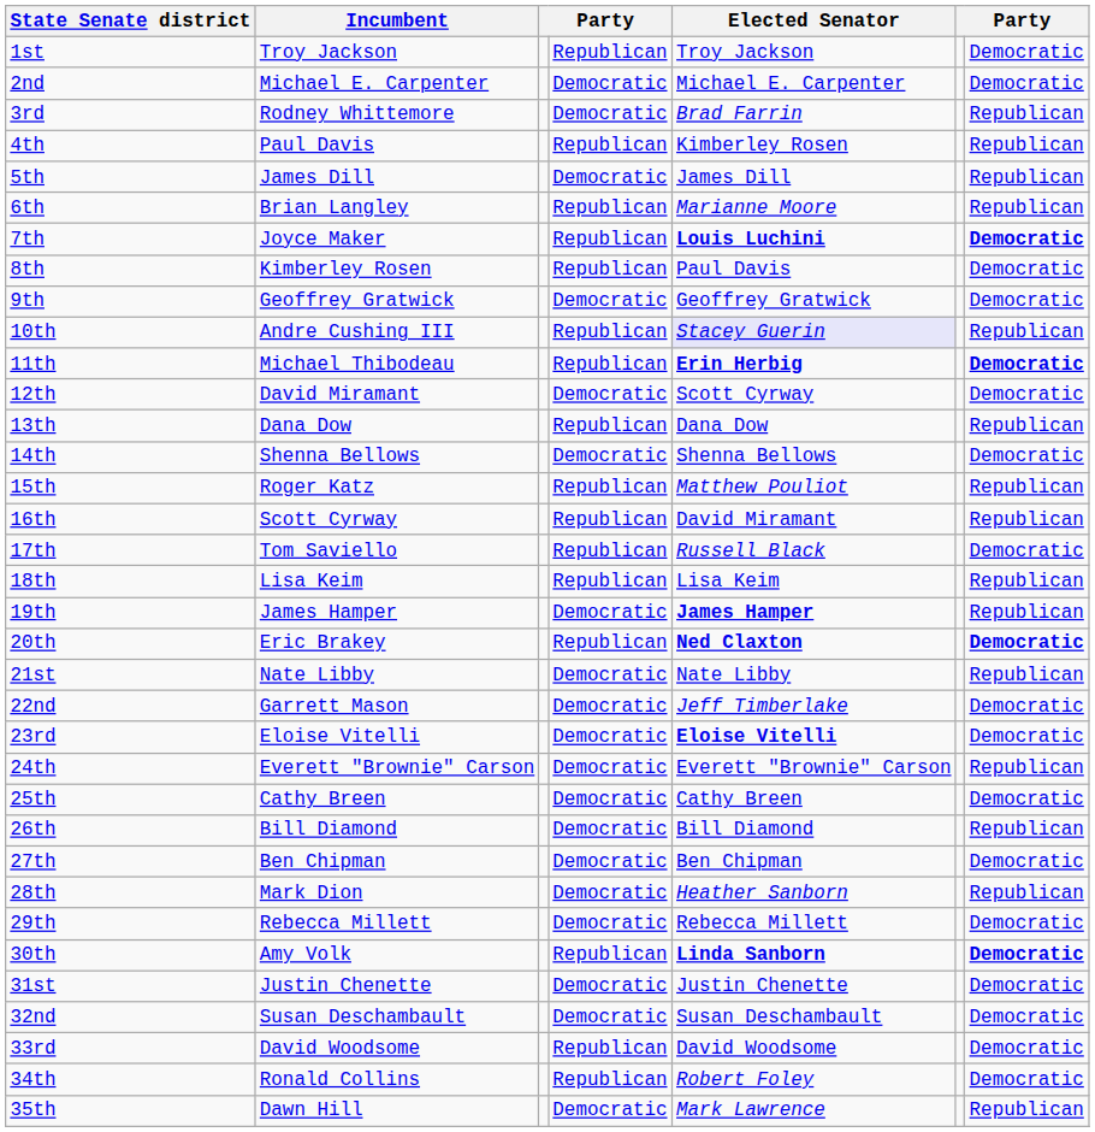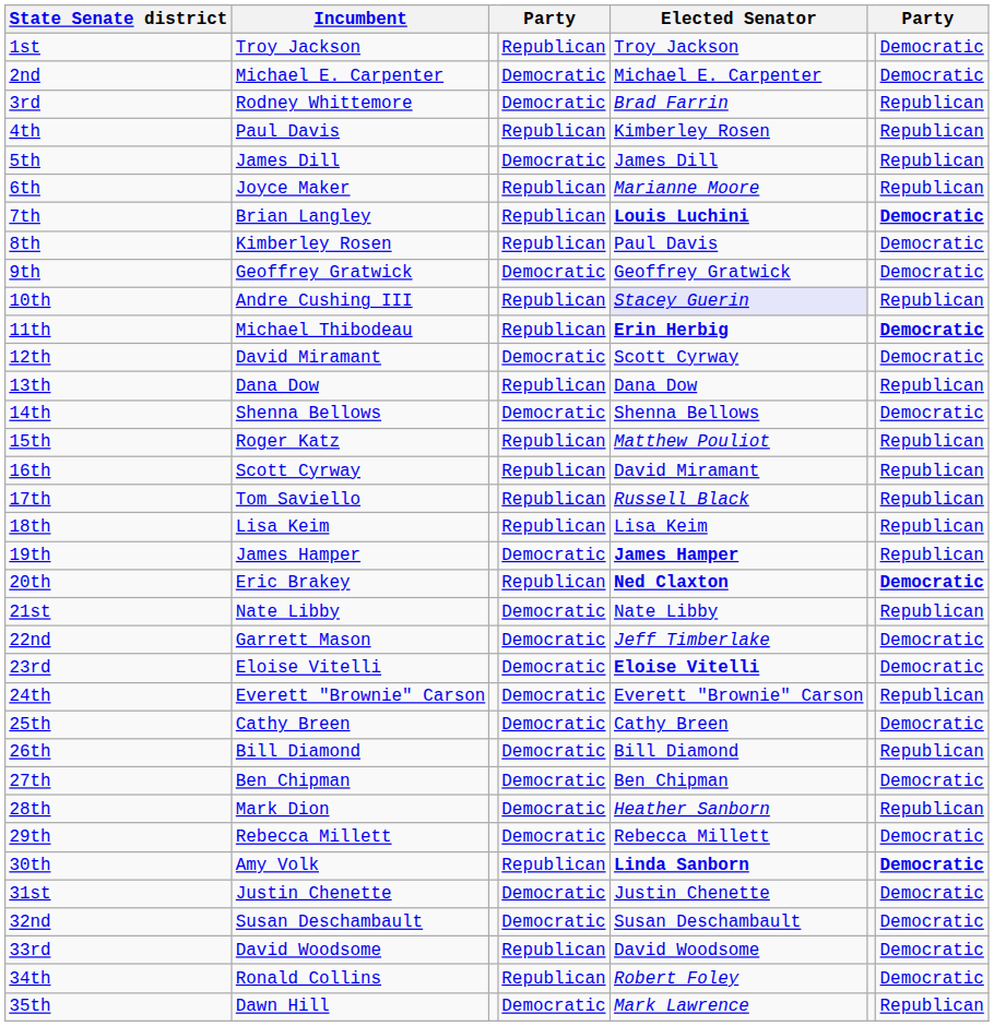 <table class="sortable wikitable">
 <tr>
 <th colspan="1" class="unsortable"><a href='#'>State Senate</a> district</th>
 <th class="unsortable"><a href='#'>Incumbent</a></th>
 <th colspan="2">Party</th>
 <th class="unsortable">Elected Senator</th>
 <th colspan="2">Party</th>
 </tr>
 <tr>
 <td><a href='#'>1st</a></td>
 <td><a href='#'>Troy Jackson</a></td>
 <td style="background:"></td>
 <td><a href='#'>Republican</a></td>
 <td><a href='#'>Troy Jackson</a></td>
 <td style="background:"></td>
 <td><a href='#'>Democratic</a></td>
 </tr>
 <tr>
 <td><a href='#'>2nd</a></td>
 <td><a href='#'>Michael E. Carpenter</a></td>
 <td style="background:"></td>
 <td><a href='#'>Democratic</a></td>
 <td><a href='#'>Michael E. Carpenter</a></td>
 <td style="background:"></td>
 <td><a href='#'>Democratic</a></td>
 </tr>
 <tr>
 <td><a href='#'>3rd</a></td>
 <td><a href='#'>Rodney Whittemore</a></td>
 <td style="background:"></td>
 <td><a href='#'>Democratic</a></td>
 <td><em><a href='#'>Brad Farrin</a></em></td>
 <td style="background:"></td>
 <td><a href='#'>Republican</a></td>
 </tr>
 <tr>
 <td><a href='#'>4th</a></td>
 <td><a href='#'>Paul Davis</a></td>
 <td style="background:"></td>
 <td><a href='#'>Republican</a></td>
 <td><a href='#'>Kimberley Rosen</a></td>
 <td style="background:"></td>
 <td><a href='#'>Republican</a></td>
 </tr>
 <tr>
 <td><a href='#'>5th</a></td>
 <td><a href='#'>James Dill</a></td>
 <td style="background:"></td>
 <td><a href='#'>Democratic</a></td>
 <td><a href='#'>James Dill</a></td>
 <td style="background:"></td>
 <td><a href='#'>Republican</a></td>
 </tr>
 <tr>
 <td><a href='#'>6th</a></td>
-<td><a href='#'>Brian Langley</a></td>
+<td><a href='#'>Joyce Maker</a></td>
 <td style="background:"></td>
 <td><a href='#'>Republican</a></td>
 <td><em><a href='#'>Marianne Moore</a></em></td>
 <td style="background:"></td>
 <td><a href='#'>Republican</a></td>
 </tr>
 <tr>
 <td><a href='#'>7th</a></td>
-<td><a href='#'>Joyce Maker</a></td>
+<td><a href='#'>Brian Langley</a></td>
 <td style="background:"></td>
 <td><a href='#'>Republican</a></td>
 <td><strong><a href='#'>Louis Luchini</a></strong></td>
 <td style="background:"></td>
 <td><strong><a href='#'>Democratic</a></strong></td>
 </tr>
 <tr>
 <td><a href='#'>8th</a></td>
 <td><a href='#'>Kimberley Rosen</a></td>
 <td style="background:"></td>
 <td><a href='#'>Republican</a></td>
 <td><a href='#'>Paul Davis</a></td>
 <td style="background:"></td>
 <td><a href='#'>Democratic</a></td>
 </tr>
 <tr>
 <td><a href='#'>9th</a></td>
 <td><a href='#'>Geoffrey Gratwick</a></td>
 <td style="background:"></td>
 <td><a href='#'>Democratic</a></td>
 <td><a href='#'>Geoffrey Gratwick</a></td>
 <td style="background:"></td>
 <td><a href='#'>Democratic</a></td>
 </tr>
 <tr>
 <td><a href='#'>10th</a></td>
 <td><a href='#'>Andre Cushing III</a></td>
 <td style="background:"></td>
 <td><a href='#'>Republican</a></td>
 <td style="background: lavender;"><em><a href='#'>Stacey Guerin</a></em></td>
 <td style="background:"></td>
 <td><a href='#'>Republican</a></td>
 </tr>
 <tr>
 <td><a href='#'>11th</a></td>
 <td><a href='#'>Michael Thibodeau</a></td>
 <td style="background:"></td>
 <td><a href='#'>Republican</a></td>
 <td><strong><a href='#'>Erin Herbig</a></strong></td>
 <td style="background:"></td>
 <td><strong><a href='#'>Democratic</a></strong></td>
 </tr>
 <tr>
 <td><a href='#'>12th</a></td>
 <td><a href='#'>David Miramant</a></td>
 <td style="background:"></td>
 <td><a href='#'>Democratic</a></td>
 <td><a href='#'>Scott Cyrway</a></td>
 <td style="background:"></td>
 <td><a href='#'>Democratic</a></td>
 </tr>
 <tr>
 <td><a href='#'>13th</a></td>
 <td><a href='#'>Dana Dow</a></td>
 <td style="background:"></td>
 <td><a href='#'>Republican</a></td>
 <td><a href='#'>Dana Dow</a></td>
 <td style="background:"></td>
 <td><a href='#'>Republican</a></td>
 </tr>
 <tr>
 <td><a href='#'>14th</a></td>
 <td><a href='#'>Shenna Bellows</a></td>
 <td style="background:"></td>
 <td><a href='#'>Democratic</a></td>
 <td><a href='#'>Shenna Bellows</a></td>
 <td style="background:"></td>
 <td><a href='#'>Democratic</a></td>
 </tr>
 <tr>
 <td><a href='#'>15th</a></td>
 <td><a href='#'>Roger Katz</a></td>
 <td style="background:"></td>
 <td><a href='#'>Republican</a></td>
 <td><em><a href='#'>Matthew Pouliot</a></em></td>
 <td style="background:"></td>
 <td><a href='#'>Republican</a></td>
 </tr>
 <tr>
 <td><a href='#'>16th</a></td>
 <td><a href='#'>Scott Cyrway</a></td>
 <td style="background:"></td>
 <td><a href='#'>Republican</a></td>
 <td><a href='#'>David Miramant</a></td>
 <td style="background:"></td>
 <td><a href='#'>Republican</a></td>
 </tr>
 <tr>
 <td><a href='#'>17th</a></td>
 <td><a href='#'>Tom Saviello</a></td>
 <td style="background:"></td>
 <td><a href='#'>Republican</a></td>
 <td><em><a href='#'>Russell Black</a></em></td>
 <td style="background:"></td>
-<td><a href='#'>Democratic</a></td>
+<td><a href='#'>Republican</a></td>
 </tr>
 <tr>
 <td><a href='#'>18th</a></td>
 <td><a href='#'>Lisa Keim</a></td>
 <td style="background:"></td>
 <td><a href='#'>Republican</a></td>
 <td><a href='#'>Lisa Keim</a></td>
 <td style="background:"></td>
 <td><a href='#'>Republican</a></td>
 </tr>
 <tr>
 <td><a href='#'>19th</a></td>
 <td><a href='#'>James Hamper</a></td>
 <td style="background:"></td>
 <td><a href='#'>Democratic</a></td>
 <td><strong><a href='#'>James Hamper</a></strong></td>
 <td style="background:"></td>
 <td><a href='#'>Republican</a></td>
 </tr>
 <tr>
 <td><a href='#'>20th</a></td>
 <td><a href='#'>Eric Brakey</a></td>
 <td style="background:"></td>
 <td><a href='#'>Republican</a></td>
 <td><strong><a href='#'>Ned Claxton</a></strong></td>
 <td style="background:"></td>
 <td><strong><a href='#'>Democratic</a></strong></td>
 </tr>
 <tr>
 <td><a href='#'>21st</a></td>
 <td><a href='#'>Nate Libby</a></td>
 <td style="background:"></td>
 <td><a href='#'>Democratic</a></td>
 <td><a href='#'>Nate Libby</a></td>
 <td style="background:"></td>
 <td><a href='#'>Republican</a></td>
 </tr>
 <tr>
 <td><a href='#'>22nd</a></td>
 <td><a href='#'>Garrett Mason</a></td>
 <td style="background:"></td>
 <td><a href='#'>Democratic</a></td>
 <td><em><a href='#'>Jeff Timberlake</a></em></td>
 <td style="background:"></td>
 <td><a href='#'>Democratic</a></td>
 </tr>
 <tr>
 <td><a href='#'>23rd</a></td>
 <td><a href='#'>Eloise Vitelli</a></td>
 <td style="background:"></td>
 <td><a href='#'>Democratic</a></td>
 <td><strong><a href='#'>Eloise Vitelli</a></strong></td>
 <td style="background:"></td>
 <td><a href='#'>Democratic</a></td>
 </tr>
 <tr>
 <td><a href='#'>24th</a></td>
 <td><a href='#'>Everett "Brownie" Carson</a></td>
 <td style="background:"></td>
 <td><a href='#'>Democratic</a></td>
 <td><a href='#'>Everett "Brownie" Carson</a></td>
 <td style="background:"></td>
 <td><a href='#'>Republican</a></td>
 </tr>
 <tr>
 <td><a href='#'>25th</a></td>
 <td><a href='#'>Cathy Breen</a></td>
 <td style="background:"></td>
 <td><a href='#'>Democratic</a></td>
 <td><a href='#'>Cathy Breen</a></td>
 <td style="background:"></td>
 <td><a href='#'>Democratic</a></td>
 </tr>
 <tr>
 <td><a href='#'>26th</a></td>
 <td><a href='#'>Bill Diamond</a></td>
 <td style="background:"></td>
 <td><a href='#'>Democratic</a></td>
 <td><a href='#'>Bill Diamond</a></td>
 <td style="background:"></td>
 <td><a href='#'>Republican</a></td>
 </tr>
 <tr>
 <td><a href='#'>27th</a></td>
 <td><a href='#'>Ben Chipman</a></td>
 <td style="background:"></td>
 <td><a href='#'>Democratic</a></td>
 <td><a href='#'>Ben Chipman</a></td>
 <td style="background:"></td>
 <td><a href='#'>Democratic</a></td>
 </tr>
 <tr>
 <td><a href='#'>28th</a></td>
 <td><a href='#'>Mark Dion</a></td>
 <td style="background:"></td>
 <td><a href='#'>Democratic</a></td>
 <td><em><a href='#'>Heather Sanborn</a></em></td>
 <td style="background:"></td>
 <td><a href='#'>Republican</a></td>
 </tr>
 <tr>
 <td><a href='#'>29th</a></td>
 <td><a href='#'>Rebecca Millett</a></td>
 <td style="background:"></td>
 <td><a href='#'>Democratic</a></td>
 <td><a href='#'>Rebecca Millett</a></td>
 <td style="background:"></td>
 <td><a href='#'>Democratic</a></td>
 </tr>
 <tr>
 <td><a href='#'>30th</a></td>
 <td><a href='#'>Amy Volk</a></td>
 <td style="background:"></td>
 <td><a href='#'>Republican</a></td>
 <td><strong><a href='#'>Linda Sanborn</a></strong></td>
 <td style="background:"></td>
 <td><strong><a href='#'>Democratic</a></strong></td>
 </tr>
 <tr>
 <td><a href='#'>31st</a></td>
 <td><a href='#'>Justin Chenette</a></td>
 <td style="background:"></td>
 <td><a href='#'>Democratic</a></td>
 <td><a href='#'>Justin Chenette</a></td>
 <td style="background:"></td>
 <td><a href='#'>Democratic</a></td>
 </tr>
 <tr>
 <td><a href='#'>32nd</a></td>
 <td><a href='#'>Susan Deschambault</a></td>
 <td style="background:"></td>
 <td><a href='#'>Democratic</a></td>
 <td><a href='#'>Susan Deschambault</a></td>
 <td style="background:"></td>
 <td><a href='#'>Democratic</a></td>
 </tr>
 <tr>
 <td><a href='#'>33rd</a></td>
 <td><a href='#'>David Woodsome</a></td>
 <td style="background:"></td>
 <td><a href='#'>Republican</a></td>
 <td><a href='#'>David Woodsome</a></td>
 <td style="background:"></td>
 <td><a href='#'>Democratic</a></td>
 </tr>
 <tr>
 <td><a href='#'>34th</a></td>
 <td><a href='#'>Ronald Collins</a></td>
 <td style="background:"></td>
 <td><a href='#'>Republican</a></td>
 <td><em><a href='#'>Robert Foley</a></em></td>
 <td style="background:"></td>
 <td><a href='#'>Democratic</a></td>
 </tr>
 <tr>
 <td><a href='#'>35th</a></td>
 <td><a href='#'>Dawn Hill</a></td>
 <td style="background:"></td>
 <td><a href='#'>Democratic</a></td>
 <td><em><a href='#'>Mark Lawrence</a></em></td>
 <td style="background:"></td>
 <td><a href='#'>Republican</a></td>
 </tr>
 <tr>
 </tr>
 </table>
